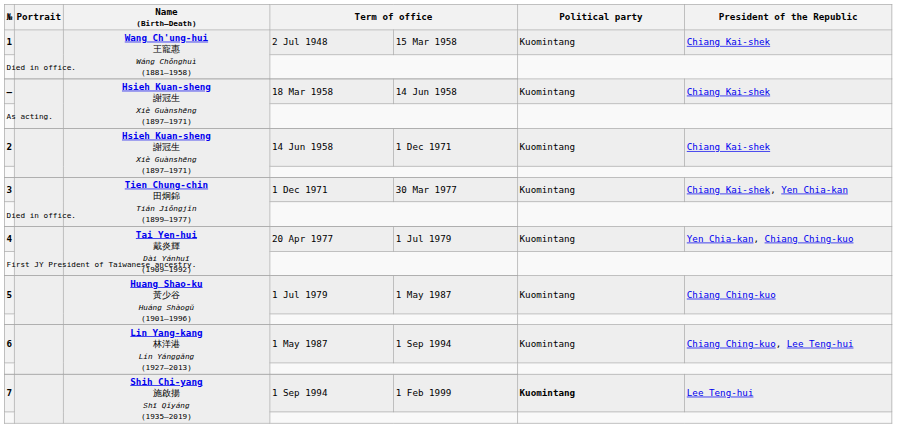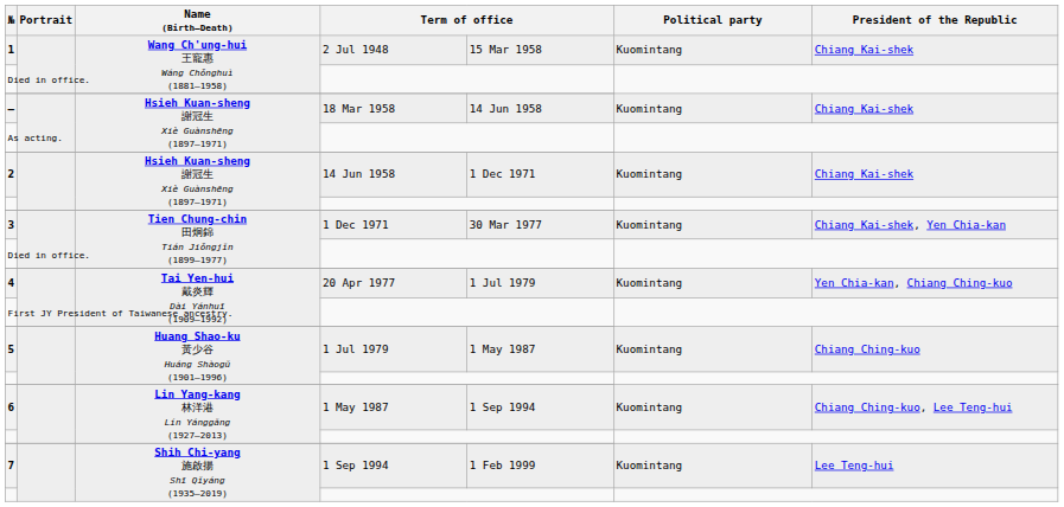 <table class=wikitable>
 <tr>
 <th>№</th>
 <th>Portrait</th>
 <th width=25%>Name<br><small>(Birth–Death)</small></th>
 <th colspan=2 width=30%>Term of office</th>
 <th width=20%>Political party</th>
 <th width=35%>President of the Republic</th>
 </tr>
 <tr - bgcolor=#EEEEEE>
 <th style="background:">1</th>
 <td rowspan=2 align=center></td>
 <td rowspan=2 align=center><strong><a href='#'>Wang Ch'ung-hui</a></strong><br><span>王寵惠</span><br><small><em>Wáng Chǒnghuì</em><br>(1881–1958)</small></td>
 <td>2 Jul 1948</td>
 <td>15 Mar 1958</td>
 <td>Kuomintang</td>
 <td><a href='#'>Chiang Kai-shek</a></td>
 </tr>
 <tr>
 <td colspan=5><small>Died in office.</small></td>
 </tr>
 <tr ->
 </tr>
 <tr - bgcolor=#EEEEEE>
 <th style="background:">–</th>
 <td rowspan=2 align=center></td>
 <td rowspan=2 align=center><strong><a href='#'>Hsieh Kuan-sheng</a></strong><br><span>謝冠生</span><br><small><em>Xiè Guànshēng</em><br>(1897–1971)</small></td>
 <td>18 Mar 1958</td>
 <td>14 Jun 1958</td>
 <td>Kuomintang</td>
 <td><a href='#'>Chiang Kai-shek</a></td>
 </tr>
 <tr>
 <td colspan=5><small>As acting.</small></td>
 </tr>
 <tr ->
 </tr>
 <tr - bgcolor=#EEEEEE>
 <th style="background:">2</th>
 <td rowspan=2 align=center></td>
 <td rowspan=2 align=center><strong><a href='#'>Hsieh Kuan-sheng</a></strong><br><span>謝冠生</span><br><small><em>Xiè Guànshēng</em><br>(1897–1971)</small></td>
 <td>14 Jun 1958</td>
 <td>1 Dec 1971</td>
 <td>Kuomintang</td>
 <td><a href='#'>Chiang Kai-shek</a></td>
 </tr>
 <tr>
 <td colspan=5><small></small></td>
 </tr>
 <tr ->
 </tr>
 <tr ->
 </tr>
 <tr - bgcolor=#EEEEEE>
 <th style="background:">3</th>
 <td rowspan=2 align=center></td>
 <td rowspan=2 align=center><strong><a href='#'>Tien Chung-chin</a></strong><br><span>田炯錦</span><br><small><em>Tián Jiǒngjǐn</em><br>(1899–1977)</small></td>
 <td>1 Dec 1971</td>
 <td>30 Mar 1977</td>
 <td>Kuomintang</td>
 <td><a href='#'>Chiang Kai-shek</a>, <a href='#'>Yen Chia-kan</a></td>
 </tr>
 <tr>
 <td colspan=5><small>Died in office.</small></td>
 </tr>
 <tr ->
 </tr>
 <tr - bgcolor=#EEEEEE>
 <th style="background:">4</th>
 <td rowspan=2 align=center></td>
 <td rowspan=2 align=center><strong><a href='#'>Tai Yen-hui</a></strong><br><span>戴炎輝</span><br><small><em>Dài Yánhuī</em><br>(1909–1992)</small></td>
 <td>20 Apr 1977</td>
 <td>1 Jul 1979</td>
 <td>Kuomintang</td>
 <td><a href='#'>Yen Chia-kan</a>, <a href='#'>Chiang Ching-kuo</a></td>
 </tr>
 <tr>
 <td colspan=5><small>First JY President of Taiwanese ancestry.</small></td>
 </tr>
 <tr ->
 </tr>
 <tr - bgcolor=#EEEEEE>
 <th style="background:">5</th>
 <td rowspan=2 align=center></td>
 <td rowspan=2 align=center><strong><a href='#'>Huang Shao-ku</a></strong><br><span>黃少谷</span><br><small><em>Huáng Shàogǔ</em><br>(1901–1996)</small></td>
 <td>1 Jul 1979</td>
 <td>1 May 1987</td>
 <td>Kuomintang</td>
 <td><a href='#'>Chiang Ching-kuo</a></td>
 </tr>
 <tr>
 <td colspan=5><small></small></td>
 </tr>
 <tr ->
 </tr>
 <tr - bgcolor=#EEEEEE>
 <th style="background:">6</th>
 <td rowspan=2 align=center></td>
 <td rowspan=2 align=center><strong><a href='#'>Lin Yang-kang</a></strong><br><span>林洋港</span><br><small><em>Lín Yánggǎng</em><br>(1927–2013)</small></td>
 <td>1 May 1987</td>
 <td>1 Sep 1994</td>
 <td>Kuomintang</td>
 <td><a href='#'>Chiang Ching-kuo</a>, <a href='#'>Lee Teng-hui</a></td>
 </tr>
 <tr>
 <td colspan=5></td>
 </tr>
 <tr ->
 </tr>
 <tr - bgcolor=#EEEEEE>
 <th style="background:">7</th>
 <td rowspan=2 align=center></td>
 <td rowspan=2 align=center><strong><a href='#'>Shih Chi-yang</a></strong><br><span>施啟揚</span><br><small><em>Shī Qǐyáng</em><br>(1935–2019)</small></td>
 <td>1 Sep 1994</td>
 <td>1 Feb 1999</td>
-<td><strong>Kuomintang</strong></td>
+<td>Kuomintang</td>
 <td><a href='#'>Lee Teng-hui</a></td>
 </tr>
 <tr>
 <td colspan=5></td>
 </tr>
 </table>
